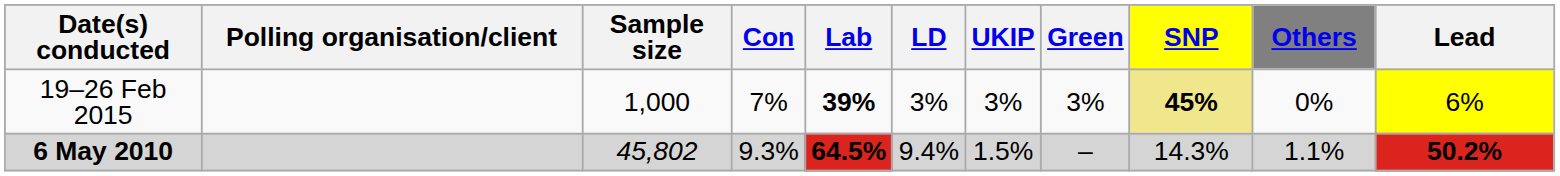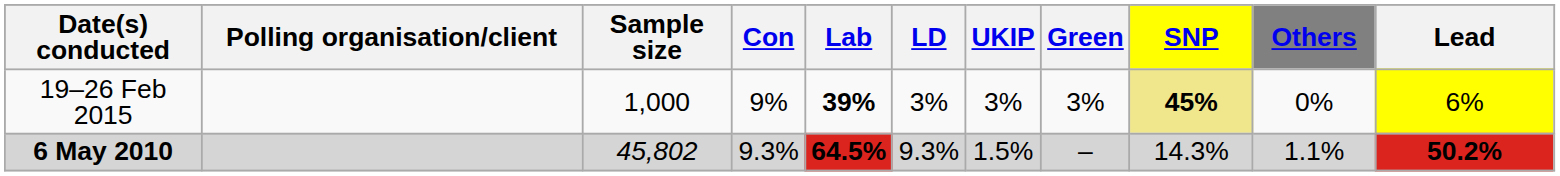 <table class="wikitable sortable" style="text-align:center;font-size:90%;line-height:14px">
 <tr>
 <th ! style="width:100px;">Date(s)<br>conducted</th>
 <th style="width:200px;">Polling organisation/client</th>
 <th class="unsortable" style="width:75px;">Sample size</th>
 <th class="unsortable" style="background:"><a href='#'><span>Con</span></a></th>
 <th class="unsortable" style="background:"><a href='#'><span>Lab</span></a></th>
 <th class="unsortable" style="background:"><a href='#'><span>LD</span></a></th>
 <th class="unsortable" style="background:"><a href='#'><span>UKIP</span></a></th>
 <th class="unsortable" style="background:"><a href='#'><span>Green</span></a></th>
 <th class="unsortable" style="background:#ffff00; width:60px;"><a href='#'><span>SNP</span></a></th>
 <th class="unsortable" style="background:gray; width:60px;"><a href='#'><span>Others</span></a></th>
 <th class="unsortable" style="width:90px;">Lead</th>
 </tr>
 <tr>
 <td>19–26 Feb 2015</td>
 <td> </td>
 <td>1,000</td>
-<td>7%</td>
+<td>9%</td>
 <td><strong>39%</strong></td>
 <td>3%</td>
 <td>3%</td>
 <td>3%</td>
 <td style="background:khaki"><strong>45%</strong></td>
 <td>0%</td>
 <td style="background:#ff0"><span>6% </span></td>
 </tr>
 <tr>
 <td style="background:#D5D5D5"><strong>6 May 2010</strong></td>
 <td style="background:#D5D5D5"></td>
 <td style="background:#D5D5D5"><em>45,802</em></td>
 <td style="background:#D5D5D5">9.3%</td>
 <td style="background:#dc241f"><span><strong>64.5%</strong></span></td>
-<td style="background:#D5D5D5">9.4%</td>
+<td style="background:#D5D5D5">9.3%</td>
 <td style="background:#D5D5D5">1.5%</td>
 <td style="background:#D5D5D5">–</td>
 <td style="background:#D5D5D5">14.3%</td>
 <td style="background:#D5D5D5">1.1%</td>
 <td style="background:#dc241f"><span><strong>50.2% </strong></span></td>
 </tr>
 </table>
